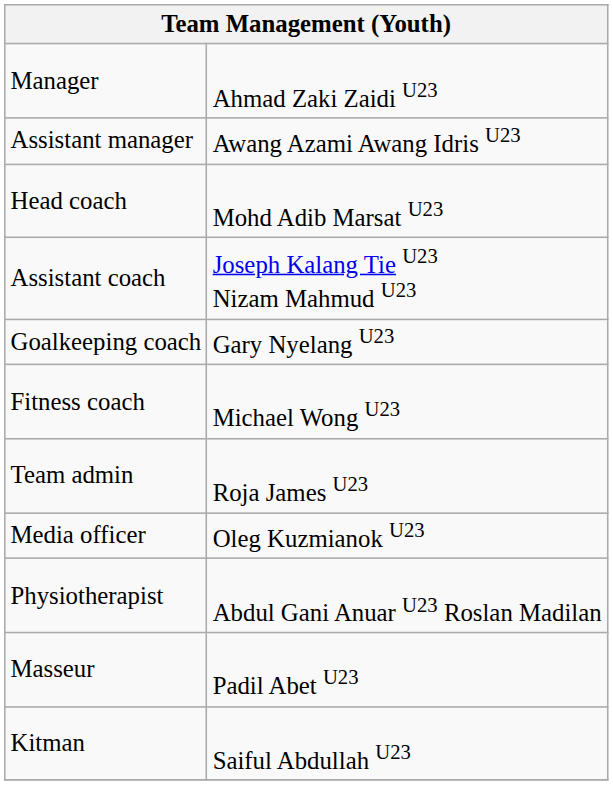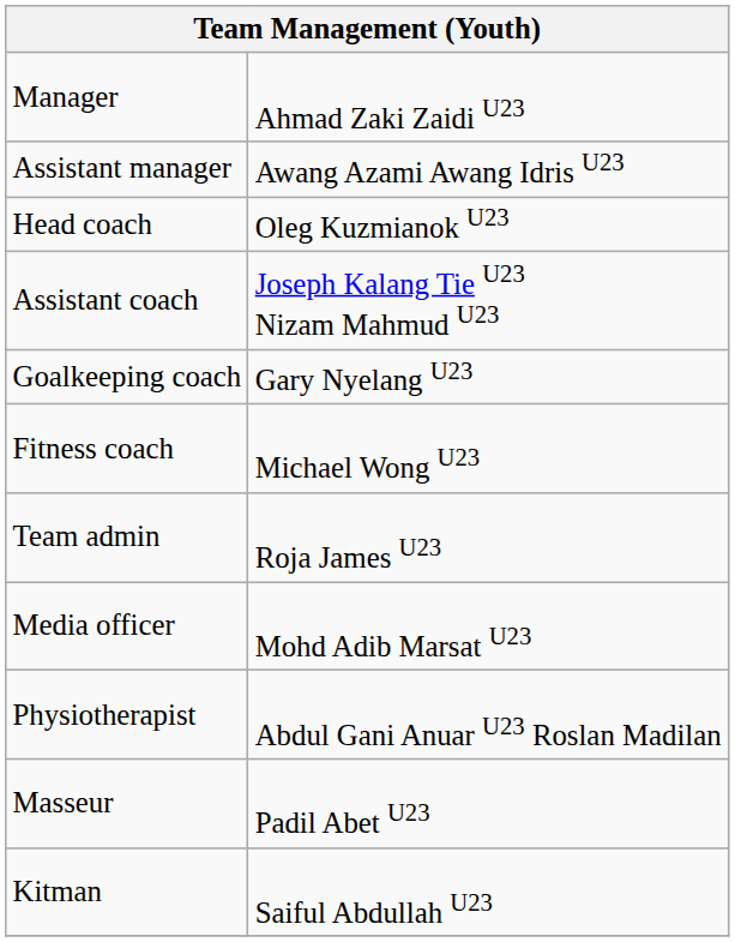 <table class="wikitable" style="text-align:left;">
 <tr>
 <th colspan=2>Team Management (Youth)</th>
 </tr>
 <tr>
 <td>Manager</td>
 <td><br> Ahmad Zaki Zaidi <sup>U23</sup> </td>
 </tr>
 <tr>
 <td>Assistant manager</td>
 <td> Awang Azami Awang Idris <sup>U23</sup></td>
 </tr>
 <tr>
 <td>Head coach</td>
-<td><br> Mohd Adib Marsat <sup>U23</sup> </td>
+<td> Oleg Kuzmianok <sup>U23</sup> </td>
 </tr>
 <tr>
 <td>Assistant coach</td>
 <td> <a href='#'>Joseph Kalang Tie</a> <sup>U23</sup> <br> Nizam Mahmud <sup>U23</sup></td>
 </tr>
 <tr>
 <td>Goalkeeping coach</td>
 <td> Gary Nyelang <sup>U23</sup> </td>
 </tr>
 <tr>
 <td>Fitness coach</td>
 <td><br> Michael Wong <sup>U23</sup> </td>
 </tr>
 <tr>
 <td>Team admin</td>
 <td><br> Roja James <sup>U23</sup> </td>
 </tr>
 <tr>
 <td>Media officer</td>
-<td> Oleg Kuzmianok <sup>U23</sup> </td>
+<td><br> Mohd Adib Marsat <sup>U23</sup> </td>
 </tr>
 <tr>
 <td>Physiotherapist</td>
 <td><br> Abdul Gani Anuar <sup>U23</sup>   Roslan Madilan</td>
 </tr>
 <tr>
 <td>Masseur</td>
 <td><br> Padil Abet <sup>U23</sup></td>
 </tr>
 <tr>
 <td>Kitman</td>
 <td><br> Saiful Abdullah <sup>U23</sup> </td>
 </tr>
 <tr>
 </tr>
 </table>
